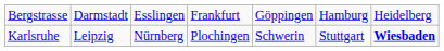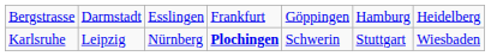 <table class="wikitable">
 <tr>
 <td><a href='#'>Bergstrasse</a></td>
 <td><a href='#'>Darmstadt</a></td>
 <td><a href='#'>Esslingen</a></td>
 <td><a href='#'>Frankfurt</a></td>
 <td><a href='#'>Göppingen</a></td>
 <td><a href='#'>Hamburg</a></td>
 <td><a href='#'>Heidelberg</a></td>
 </tr>
 <tr>
 <td><a href='#'>Karlsruhe</a></td>
 <td><a href='#'>Leipzig</a></td>
 <td><a href='#'>Nürnberg</a></td>
-<td><a href='#'>Plochingen</a></td>
+<td><strong><a href='#'>Plochingen</a></strong></td>
 <td><a href='#'>Schwerin</a></td>
 <td><a href='#'>Stuttgart</a></td>
-<td><strong><a href='#'>Wiesbaden</a></strong></td>
+<td><a href='#'>Wiesbaden</a></td>
 </tr>
 </table>
